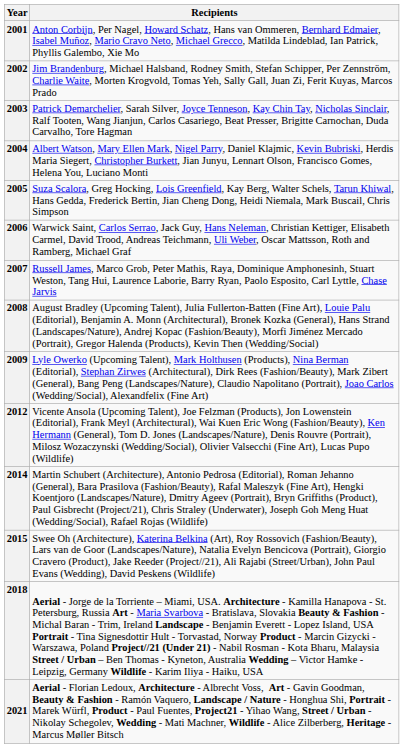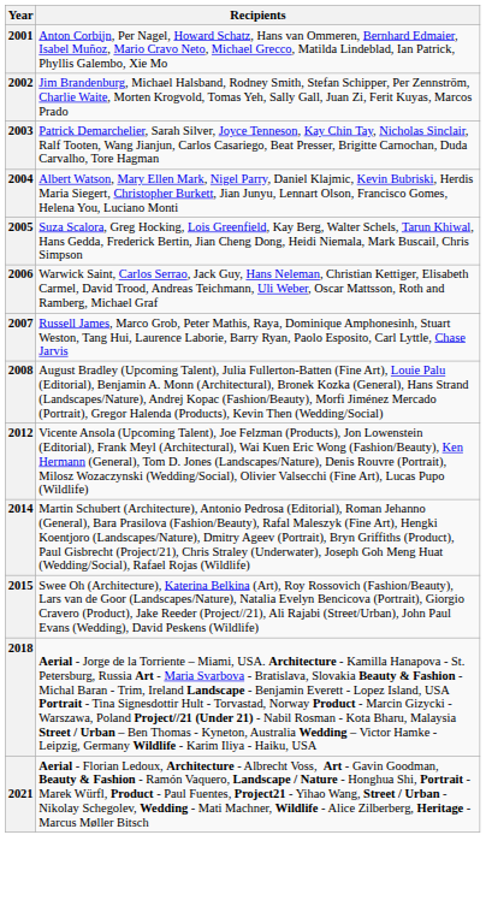 <table class="wikitable">
 <tr>
 <th>Year</th>
 <th>Recipients</th>
 </tr>
 <tr valign="top">
 <th>2001</th>
 <td><a href='#'>Anton Corbijn</a>, Per Nagel, <a href='#'>Howard Schatz</a>, Hans van Ommeren, <a href='#'>Bernhard Edmaier</a>, <a href='#'>Isabel Muñoz</a>, <a href='#'>Mario Cravo Neto</a>, <a href='#'>Michael Grecco</a>, Matilda Lindeblad, Ian Patrick, Phyllis Galembo, Xie Mo</td>
 </tr>
 <tr valign="top">
 <th>2002</th>
 <td><a href='#'>Jim Brandenburg</a>, Michael Halsband, Rodney Smith, Stefan Schipper, Per Zennström, <a href='#'>Charlie Waite</a>, Morten Krogvold, Tomas Yeh, Sally Gall, Juan Zi, Ferit Kuyas, Marcos Prado</td>
 </tr>
 <tr valign="top">
 <th>2003</th>
 <td><a href='#'>Patrick Demarchelier</a>, Sarah Silver, <a href='#'>Joyce Tenneson</a>, <a href='#'>Kay Chin Tay</a>, <a href='#'>Nicholas Sinclair</a>, Ralf Tooten, Wang Jianjun, Carlos Casariego, Beat Presser, Brigitte Carnochan, Duda Carvalho, Tore Hagman</td>
 </tr>
 <tr valign="top">
 <th>2004</th>
 <td><a href='#'>Albert Watson</a>, <a href='#'>Mary Ellen Mark</a>, <a href='#'>Nigel Parry</a>, Daniel Klajmic, <a href='#'>Kevin Bubriski</a>, Herdis Maria Siegert, <a href='#'>Christopher Burkett</a>, Jian Junyu, Lennart Olson, Francisco Gomes, Helena You, Luciano Monti</td>
 </tr>
 <tr valign="top">
 <th>2005</th>
 <td><a href='#'>Suza Scalora</a>, Greg Hocking, <a href='#'>Lois Greenfield</a>, Kay Berg, Walter Schels, <a href='#'>Tarun Khiwal</a>, Hans Gedda, Frederick Bertin, Jian Cheng Dong, Heidi Niemala, Mark Buscail, Chris Simpson</td>
 </tr>
 <tr valign="top">
 <th>2006</th>
 <td>Warwick Saint, <a href='#'>Carlos Serrao</a>, Jack Guy, <a href='#'>Hans Neleman</a>, Christian Kettiger, Elisabeth Carmel, David Trood, Andreas Teichmann, <a href='#'>Uli Weber</a>, Oscar Mattsson, Roth and Ramberg, Michael Graf</td>
 </tr>
 <tr valign="top">
 <th>2007</th>
 <td><a href='#'>Russell James</a>, Marco Grob, Peter Mathis, Raya, Dominique Amphonesinh, Stuart Weston, Tang Hui, Laurence Laborie, Barry Ryan, Paolo Esposito, Carl Lyttle, <a href='#'>Chase Jarvis</a></td>
 </tr>
 <tr valign="top">
 <th>2008</th>
 <td>August Bradley (Upcoming Talent), Julia Fullerton-Batten (Fine Art), <a href='#'>Louie Palu</a> (Editorial), Benjamin A. Monn (Architectural), Bronek Kozka (General), Hans Strand (Landscapes/Nature), Andrej Kopac (Fashion/Beauty), Morfi Jiménez Mercado (Portrait), Gregor Halenda (Products), Kevin Then (Wedding/Social)</td>
 </tr>
 <tr valign="top">
-<th>2009</th>
-<td><a href='#'>Lyle Owerko</a> (Upcoming Talent), <a href='#'>Mark Holthusen</a> (Products), <a href='#'>Nina Berman</a> (Editorial), <a href='#'>Stephan Zirwes</a> (Architectural), Dirk Rees (Fashion/Beauty), Mark Zibert (General), Bang Peng (Landscapes/Nature), Claudio Napolitano (Portrait), <a href='#'>Joao Carlos</a> (Wedding/Social), Alexandfelix (Fine Art)</td>
-</tr>
-<tr valign="top">
 <th>2012</th>
 <td>Vicente Ansola (Upcoming Talent), Joe Felzman (Products), Jon Lowenstein (Editorial), Frank Meyl (Architectural), Wai Kuen Eric Wong (Fashion/Beauty), <a href='#'>Ken Hermann</a> (General), Tom D. Jones (Landscapes/Nature), Denis Rouvre (Portrait), Milosz Wozaczynski (Wedding/Social), Olivier Valsecchi (Fine Art), Lucas Pupo (Wildlife)</td>
 </tr>
 <tr valign="top">
 <th>2014</th>
 <td>Martin Schubert (Architecture), Antonio Pedrosa (Editorial), Roman Jehanno (General), Bara Prasilova (Fashion/Beauty), Rafal Maleszyk (Fine Art), Hengki Koentjoro (Landscapes/Nature), Dmitry Ageev (Portrait), Bryn Griffiths (Product), Paul Gisbrecht (Project/21), Chris Straley (Underwater), Joseph Goh Meng Huat (Wedding/Social), Rafael Rojas (Wildlife)</td>
 </tr>
 <tr valign="top">
 <th>2015</th>
 <td>Swee Oh (Architecture), <a href='#'>Katerina Belkina</a> (Art), Roy Rossovich (Fashion/Beauty), Lars van de Goor (Landscapes/Nature), Natalia Evelyn Bencicova (Portrait), Giorgio Cravero (Product), Jake Reeder (Project//21),  Ali Rajabi (Street/Urban),  John Paul Evans (Wedding),  David Peskens (Wildlife)            </td>
 </tr>
 <tr valign="top">
 <th>2018</th>
 <td><br><strong>Aerial</strong> - Jorge de la Torriente – Miami, USA. <strong>Architecture</strong> - Kamilla Hanapova - St. Petersburg, Russia <strong>Art</strong> - <a href='#'>Maria Svarbova</a> - Bratislava, Slovakia <strong>Beauty & Fashion</strong> - Michal Baran - Trim, Ireland <strong>Landscape</strong> - Benjamin Everett - Lopez Island, USA <strong>Portrait</strong> - Tina Signesdottir Hult - Torvastad, Norway <strong>Product</strong> - Marcin Gizycki - Warszawa, Poland <strong>Project//21 (Under 21)</strong> - Nabil Rosman - Kota Bharu, Malaysia <strong>Street / Urban</strong> – Ben Thomas - Kyneton, Australia <strong>Wedding</strong> – Victor Hamke - Leipzig, Germany <strong>Wildlife</strong> - Karim Iliya - Haiku, USA</td>
 </tr>
 <tr>
 <th>2021</th>
 <td><strong>Aerial</strong> - Florian Ledoux, <strong>Architecture</strong> - Albrecht Voss,  <strong>Art</strong> - Gavin Goodman, <strong>Beauty & Fashion</strong> - Ramón Vaquero, <strong>Landscape / Nature</strong> - Honghua Shi, <strong>Portrait</strong> - Marek Würfl, <strong>Product</strong> - Paul Fuentes, <strong>Project21</strong> - Yihao Wang, <strong>Street / Urban</strong> - Nikolay Schegolev, <strong>Wedding</strong> - Mati Machner, <strong>Wildlife</strong> - Alice Zilberberg, <strong>Heritage</strong> - Marcus Møller Bitsch</td>
 </tr>
 </table>
